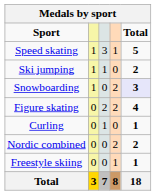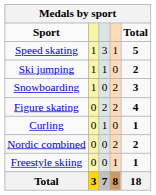 <table class="wikitable" style="font-size:95%;float:right;clear:right;">
 <tr style="background:#efefef;">
 <th colspan=5>Medals by sport</th>
 </tr>
 <tr align=center>
 <td><strong>Sport</strong></td>
 <td bgcolor=#f7f6a8></td>
 <td bgcolor=#dce5e5></td>
 <td bgcolor=#ffdab9></td>
 <td><strong>Total</strong></td>
 </tr>
 <tr align=center>
 <td><a href='#'>Speed skating</a></td>
 <td style="background:#F7F6A8;">1</td>
 <td style="background:#DCE5E5;">3</td>
 <td style="background:#FFDAB9;">1</td>
 <td><strong>5</strong></td>
 </tr>
 <tr align=center>
 <td><a href='#'>Ski jumping</a></td>
 <td style="background:#F7F6A8;">1</td>
 <td style="background:#DCE5E5;">1</td>
 <td style="background:#FFDAB9;">0</td>
 <td><strong>2</strong></td>
 </tr>
 <tr align=center>
 <td><a href='#'>Snowboarding</a></td>
 <td style="background:#F7F6A8;">1</td>
 <td style="background:#DCE5E5;">0</td>
 <td style="background:#FFDAB9;">2</td>
-<td style="background: lavender;"><strong>3</strong></td>
+<td><strong>3</strong></td>
 </tr>
 <tr align=center>
 <td><a href='#'>Figure skating</a></td>
 <td style="background:#F7F6A8;">0</td>
 <td style="background:#DCE5E5;">2</td>
 <td style="background:#FFDAB9;">2</td>
 <td><strong>4</strong></td>
 </tr>
 <tr align=center>
 <td><a href='#'>Curling</a></td>
 <td style="background:#F7F6A8;">0</td>
 <td style="background:#DCE5E5;">1</td>
 <td style="background:#FFDAB9;">0</td>
 <td><strong>1</strong></td>
 </tr>
 <tr align=center>
 <td><a href='#'>Nordic combined</a></td>
 <td style="background:#F7F6A8;">0</td>
 <td style="background:#DCE5E5;">0</td>
 <td style="background:#FFDAB9;">2</td>
 <td><strong>2</strong></td>
 </tr>
 <tr align=center>
 <td><a href='#'>Freestyle skiing</a></td>
 <td style="background:#F7F6A8;">0</td>
 <td style="background:#DCE5E5;">0</td>
 <td style="background:#FFDAB9;">1</td>
 <td><strong>1</strong></td>
 </tr>
 <tr align=center>
 <th>Total</th>
 <th style="background:gold;">3</th>
 <th style="background:silver;">7</th>
 <th style="background:#c96;">8</th>
 <th>18</th>
 </tr>
 </table>
